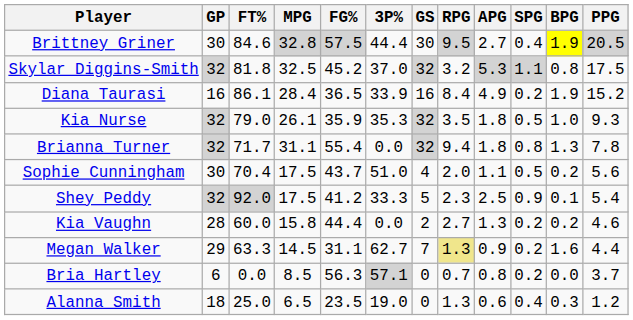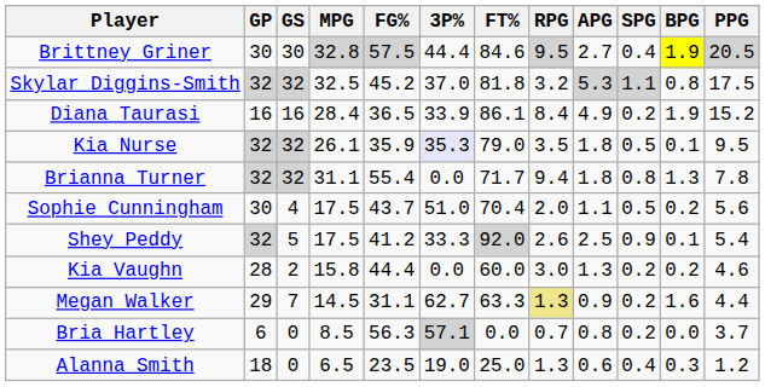 <table class="wikitable sortable" style="text-align:center;">
 <tr>
 <th>Player</th>
 <th>GP</th>
-<th>FT%</th>
+<th>GS</th>
 <th>MPG</th>
 <th>FG%</th>
 <th>3P%</th>
-<th>GS</th>
+<th>FT%</th>
 <th>RPG</th>
 <th>APG</th>
 <th>SPG</th>
 <th>BPG</th>
 <th>PPG</th>
 </tr>
 <tr>
 <td><a href='#'>Brittney Griner</a></td>
 <td>30</td>
-<td>84.6</td>
+<td>30</td>
 <td style="background:#D3D3D3;">32.8</td>
 <td style="background:#D3D3D3;">57.5</td>
 <td>44.4</td>
-<td>30</td>
+<td>84.6</td>
 <td style="background:#D3D3D3;">9.5</td>
 <td>2.7</td>
 <td>0.4</td>
 <td style="background:yellow;">1.9</td>
 <td style="background:#D3D3D3;">20.5</td>
 </tr>
 <tr>
 <td><a href='#'>Skylar Diggins-Smith</a></td>
 <td style="background:#D3D3D3;">32</td>
-<td>81.8</td>
+<td style="background:#D3D3D3;">32</td>
 <td>32.5</td>
 <td>45.2</td>
 <td>37.0</td>
-<td style="background:#D3D3D3;">32</td>
+<td>81.8</td>
 <td>3.2</td>
 <td style="background:#D3D3D3;">5.3</td>
 <td style="background:#D3D3D3;">1.1</td>
 <td>0.8</td>
 <td>17.5</td>
 </tr>
 <tr>
 <td><a href='#'>Diana Taurasi</a></td>
 <td>16</td>
-<td>86.1</td>
+<td>16</td>
 <td>28.4</td>
 <td>36.5</td>
 <td>33.9</td>
-<td>16</td>
+<td>86.1</td>
 <td>8.4</td>
 <td>4.9</td>
 <td>0.2</td>
 <td>1.9</td>
 <td>15.2</td>
 </tr>
 <tr>
 <td><a href='#'>Kia Nurse</a></td>
 <td style="background:#D3D3D3;">32</td>
-<td>79.0</td>
+<td style="background:#D3D3D3;">32</td>
 <td>26.1</td>
 <td>35.9</td>
-<td>35.3</td>
-<td style="background:#D3D3D3;">32</td>
+<td style="background: lavender;">35.3</td>
+<td>79.0</td>
 <td>3.5</td>
 <td>1.8</td>
 <td>0.5</td>
-<td>1.0</td>
-<td>9.3</td>
+<td>0.1</td>
+<td>9.5</td>
 </tr>
 <tr>
 <td><a href='#'>Brianna Turner</a></td>
 <td style="background:#D3D3D3;">32</td>
-<td>71.7</td>
+<td style="background:#D3D3D3;">32</td>
 <td>31.1</td>
 <td>55.4</td>
 <td>0.0</td>
-<td style="background:#D3D3D3;">32</td>
+<td>71.7</td>
 <td>9.4</td>
 <td>1.8</td>
 <td>0.8</td>
 <td>1.3</td>
 <td>7.8</td>
 </tr>
 <tr>
 <td><a href='#'>Sophie Cunningham</a></td>
 <td>30</td>
-<td>70.4</td>
+<td>4</td>
 <td>17.5</td>
 <td>43.7</td>
 <td>51.0</td>
-<td>4</td>
+<td>70.4</td>
 <td>2.0</td>
 <td>1.1</td>
 <td>0.5</td>
 <td>0.2</td>
 <td>5.6</td>
 </tr>
 <tr>
 <td><a href='#'>Shey Peddy</a></td>
 <td style="background:#D3D3D3;">32</td>
-<td style="background:#D3D3D3;">92.0</td>
+<td>5</td>
 <td>17.5</td>
 <td>41.2</td>
 <td>33.3</td>
-<td>5</td>
-<td>2.3</td>
+<td style="background:#D3D3D3;">92.0</td>
+<td>2.6</td>
 <td>2.5</td>
 <td>0.9</td>
 <td>0.1</td>
 <td>5.4</td>
 </tr>
 <tr>
 <td><a href='#'>Kia Vaughn</a></td>
 <td>28</td>
-<td>60.0</td>
+<td>2</td>
 <td>15.8</td>
 <td>44.4</td>
 <td>0.0</td>
-<td>2</td>
-<td>2.7</td>
+<td>60.0</td>
+<td>3.0</td>
 <td>1.3</td>
 <td>0.2</td>
 <td>0.2</td>
 <td>4.6</td>
 </tr>
 <tr>
 <td><a href='#'>Megan Walker</a></td>
 <td>29</td>
-<td>63.3</td>
+<td>7</td>
 <td>14.5</td>
 <td>31.1</td>
 <td>62.7</td>
-<td>7</td>
+<td>63.3</td>
 <td style="background: khaki;">1.3</td>
 <td>0.9</td>
 <td>0.2</td>
 <td>1.6</td>
 <td>4.4</td>
 </tr>
 <tr>
 <td><a href='#'>Bria Hartley</a></td>
 <td>6</td>
-<td>0.0</td>
+<td>0</td>
 <td>8.5</td>
 <td>56.3</td>
 <td style="background:#D3D3D3;">57.1</td>
-<td>0</td>
+<td>0.0</td>
 <td>0.7</td>
 <td>0.8</td>
 <td>0.2</td>
 <td>0.0</td>
 <td>3.7</td>
 </tr>
 <tr>
 <td><a href='#'>Alanna Smith</a></td>
 <td>18</td>
-<td>25.0</td>
+<td>0</td>
 <td>6.5</td>
 <td>23.5</td>
 <td>19.0</td>
-<td>0</td>
+<td>25.0</td>
 <td>1.3</td>
 <td>0.6</td>
 <td>0.4</td>
 <td>0.3</td>
 <td>1.2</td>
 </tr>
 </table>
